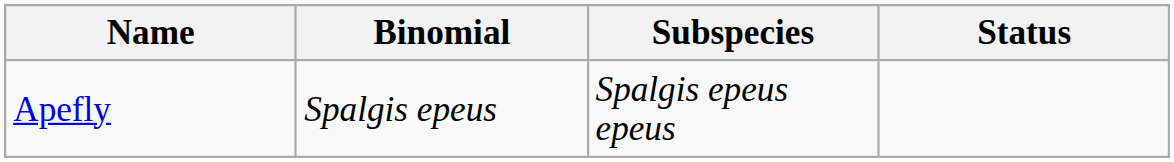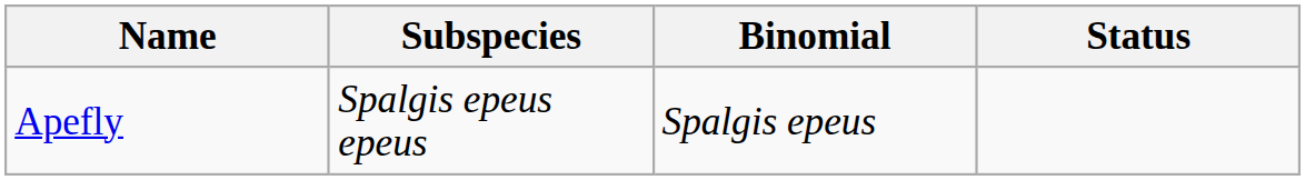 <table width=60% class="wikitable">
 <tr>
 <th width=20%>Name</th>
+<th width=20%>Subspecies</th>
 <th width=20%>Binomial</th>
-<th width=20%>Subspecies</th>
 <th width=20%>Status</th>
 </tr>
 <tr>
 <td><a href='#'>Apefly</a><br>  </td>
+<td><em>Spalgis epeus epeus</em></td>
 <td><em>Spalgis epeus</em></td>
-<td><em>Spalgis epeus epeus</em></td>
 <td></td>
 </tr>
 </table>
